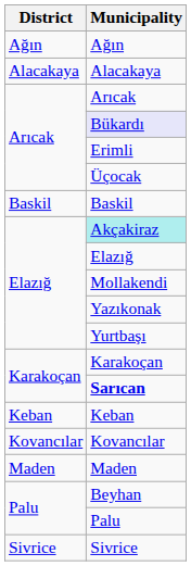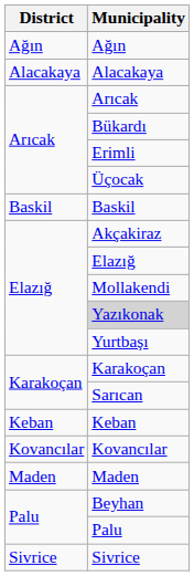 <table class="sortable wikitable">
 <tr>
 <th>District</th>
 <th>Municipality</th>
 </tr>
 <tr>
 <td><a href='#'>Ağın</a></td>
 <td><a href='#'>Ağın</a></td>
 </tr>
 <tr>
 <td><a href='#'>Alacakaya</a></td>
 <td><a href='#'>Alacakaya</a></td>
 </tr>
 <tr>
 <td rowspan=4><a href='#'>Arıcak</a></td>
 <td><a href='#'>Arıcak</a></td>
 </tr>
 <tr>
-<td style="background: lavender;"><a href='#'>Bükardı</a></td>
+<td><a href='#'>Bükardı</a></td>
 </tr>
 <tr>
 <td><a href='#'>Erimli</a></td>
 </tr>
 <tr>
 <td><a href='#'>Üçocak</a></td>
 </tr>
 <tr>
 <td><a href='#'>Baskil</a></td>
 <td><a href='#'>Baskil</a></td>
 </tr>
 <tr>
 <td rowspan=5><a href='#'>Elazığ</a></td>
-<td style="background: paleturquoise;"><a href='#'>Akçakiraz</a></td>
+<td><a href='#'>Akçakiraz</a></td>
 </tr>
 <tr>
 <td><a href='#'>Elazığ</a></td>
 </tr>
 <tr>
 <td><a href='#'>Mollakendi</a></td>
 </tr>
 <tr>
-<td><a href='#'>Yazıkonak</a></td>
+<td style="background: lightgrey;"><a href='#'>Yazıkonak</a></td>
 </tr>
 <tr>
 <td><a href='#'>Yurtbaşı</a></td>
 </tr>
 <tr>
 <td rowspan=2><a href='#'>Karakoçan</a></td>
 <td><a href='#'>Karakoçan</a></td>
 </tr>
 <tr>
-<td><strong><a href='#'>Sarıcan</a></strong></td>
+<td><a href='#'>Sarıcan</a></td>
 </tr>
 <tr>
 <td><a href='#'>Keban</a></td>
 <td><a href='#'>Keban</a></td>
 </tr>
 <tr>
 <td><a href='#'>Kovancılar</a></td>
 <td><a href='#'>Kovancılar</a></td>
 </tr>
 <tr>
 <td><a href='#'>Maden</a></td>
 <td><a href='#'>Maden</a></td>
 </tr>
 <tr>
 <td rowspan=2><a href='#'>Palu</a></td>
 <td><a href='#'>Beyhan</a></td>
 </tr>
 <tr>
 <td><a href='#'>Palu</a></td>
 </tr>
 <tr>
 <td><a href='#'>Sivrice</a></td>
 <td><a href='#'>Sivrice</a></td>
 </tr>
 </table>
